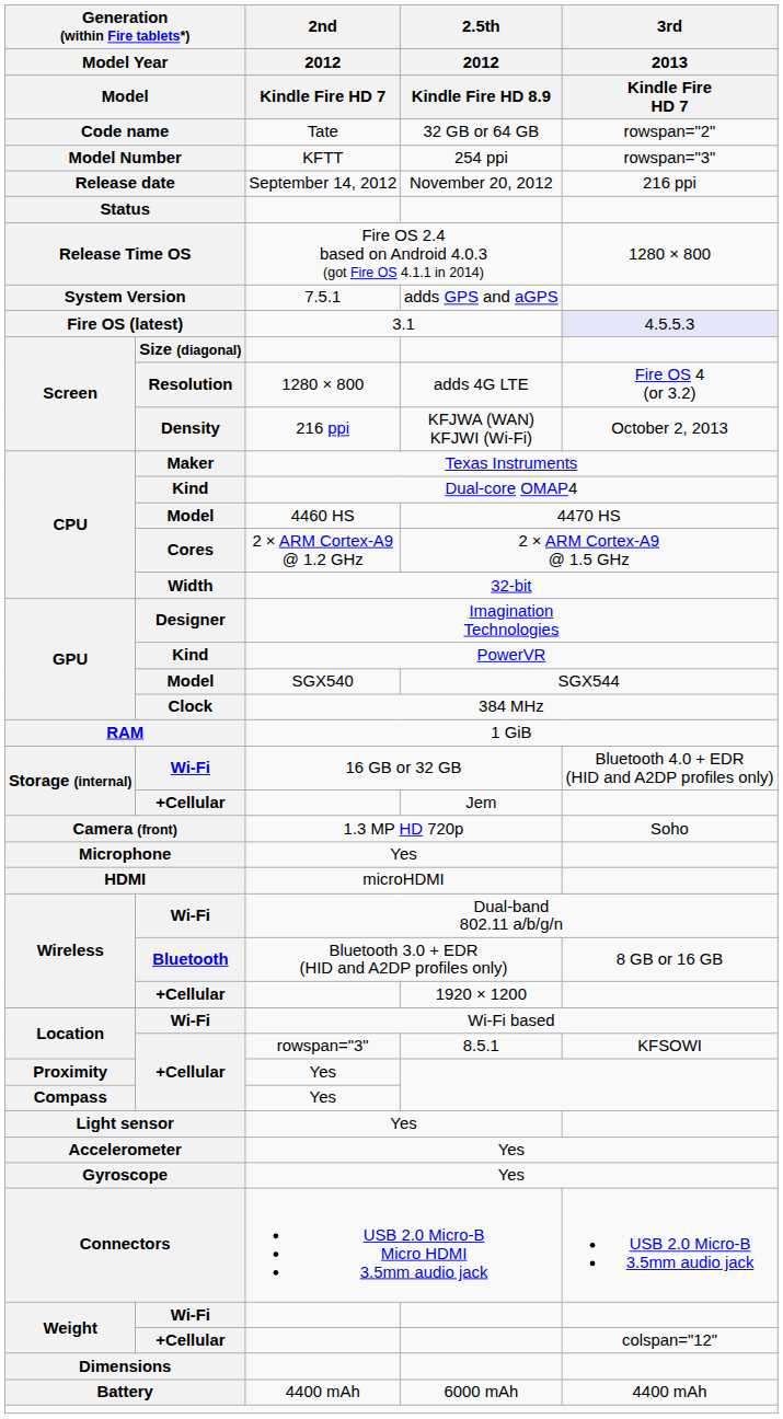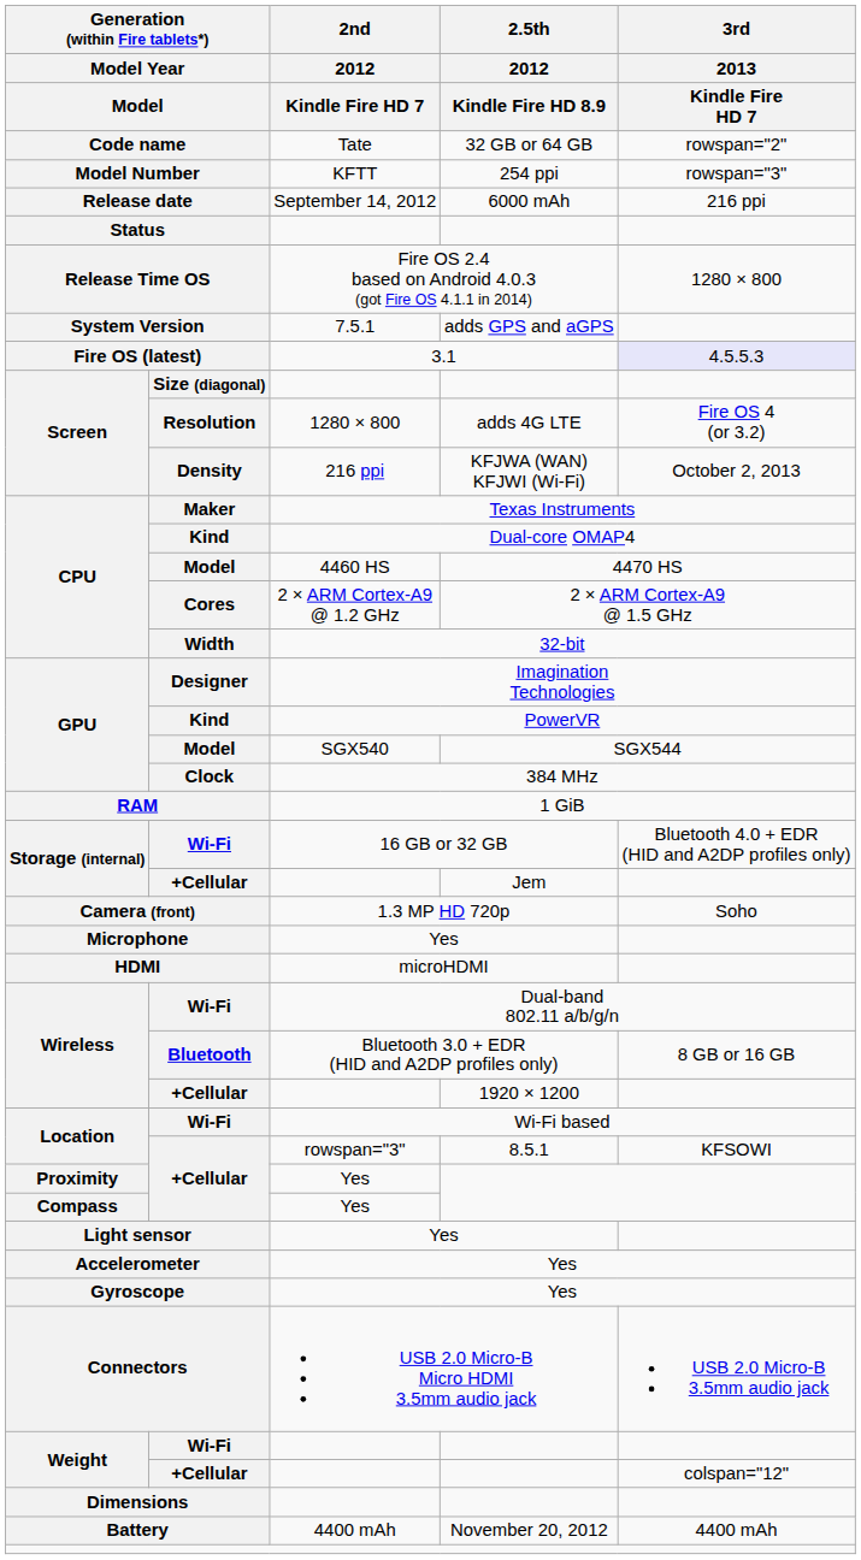 <table class="wikitable mw-collapsible mw-collapsed" style="text-align:center;">
 <tr>
 <th colspan="2">Generation<br><small>(within <a href='#'>Fire tablets</a>*)</small></th>
 <th Colspan="1">2nd</th>
 <th>2.5th</th>
 <th>3rd</th>
 </tr>
 <tr>
 <th colspan="2">Model Year</th>
 <th Colspan="1">2012</th>
 <th>2012</th>
 <th>2013</th>
 </tr>
 <tr>
 <th colspan="2">Model</th>
 <th>Kindle Fire HD 7</th>
 <th>Kindle Fire HD 8.9</th>
 <th>Kindle Fire<br>HD 7</th>
 </tr>
 <tr>
 <th colspan="2">Code name</th>
 <td>Tate</td>
 <td>32 GB or 64 GB</td>
 <td>rowspan="2" </td>
 </tr>
 <tr>
 <th colspan="2">Model Number</th>
 <td>KFTT</td>
 <td>254 ppi</td>
 <td>rowspan="3" </td>
 </tr>
 <tr>
 <th colspan="2">Release date</th>
 <td>September 14, 2012</td>
-<td>November 20, 2012</td>
+<td>6000 mAh</td>
 <td>216 ppi</td>
 </tr>
 <tr>
 <th colspan="2">Status</th>
 <td></td>
 <td></td>
 <td></td>
 </tr>
 <tr>
 <th colspan="2">Release Time OS</th>
 <td colspan="2">Fire OS 2.4<br>based on Android 4.0.3<br><small>(got <a href='#'>Fire OS</a> 4.1.1 in 2014)</small></td>
 <td>1280 × 800</td>
 </tr>
 <tr>
 <th colspan="2">System Version</th>
 <td>7.5.1</td>
 <td>adds <a href='#'>GPS</a> and <a href='#'>aGPS</a></td>
 <td></td>
 </tr>
 <tr>
 <th colspan="2">Fire OS (latest)</th>
 <td colspan="2">3.1</td>
 <td style="background: lavender;">4.5.5.3</td>
 </tr>
 <tr>
 <th rowspan="3">Screen</th>
 <th>Size <small>(diagonal)</small></th>
 <td></td>
 <td></td>
 <td></td>
 </tr>
 <tr>
 <th>Resolution</th>
 <td>1280 × 800</td>
 <td>adds 4G LTE</td>
 <td><a href='#'>Fire OS</a> 4<br>(or 3.2)</td>
 </tr>
 <tr>
 <th>Density</th>
 <td>216 <a href='#'>ppi</a></td>
 <td>KFJWA (WAN)<br>KFJWI (Wi-Fi)</td>
 <td>October 2, 2013</td>
 </tr>
 <tr>
 <th rowspan="5" colspan="1">CPU</th>
 <th>Maker</th>
 <td colspan="3"><a href='#'>Texas Instruments</a></td>
 </tr>
 <tr>
 <th>Kind</th>
 <td colspan=3><a href='#'>Dual-core</a> <a href='#'>OMAP</a>4</td>
 </tr>
 <tr>
 <th>Model</th>
 <td>4460 HS</td>
 <td colspan="2">4470 HS</td>
 </tr>
 <tr>
 <th>Cores</th>
 <td>2 × <a href='#'>ARM Cortex-A9</a><br>@ 1.2 GHz</td>
 <td colspan="2">2 × <a href='#'>ARM Cortex-A9</a><br>@ 1.5 GHz</td>
 </tr>
 <tr>
 <th>Width</th>
 <td colspan="3"><a href='#'>32-bit</a></td>
 </tr>
 <tr>
 <th rowspan="4" colspan="1">GPU</th>
 <th>Designer</th>
 <td colspan="3"><a href='#'>Imagination<br>Technologies</a></td>
 </tr>
 <tr>
 <th>Kind</th>
 <td colspan="3"><a href='#'>PowerVR</a></td>
 </tr>
 <tr>
 <th>Model</th>
 <td>SGX540</td>
 <td colspan="2">SGX544</td>
 </tr>
 <tr>
 <th>Clock</th>
 <td colspan="3">384 MHz</td>
 </tr>
 <tr>
 <th colspan="2"><a href='#'>RAM</a></th>
 <td colspan="3">1 GiB</td>
 </tr>
 <tr>
 <th rowspan="2">Storage  <small>(internal)</small></th>
 <th><a href='#'>Wi-Fi</a></th>
 <td colspan="2">16 GB or 32 GB</td>
 <td>Bluetooth 4.0 + EDR <br>(HID and A2DP profiles only)</td>
 </tr>
 <tr>
 <th>+Cellular</th>
 <td></td>
 <td>Jem</td>
 <td></td>
 </tr>
 <tr>
 <th colspan="2">Camera  <small>(front)</small></th>
 <td colspan="2">1.3 MP <a href='#'>HD</a> 720p</td>
 <td>Soho</td>
 </tr>
 <tr>
 <th colspan="2">Microphone</th>
 <td colspan="2">Yes</td>
 </tr>
 <tr>
 <th colspan="2">HDMI</th>
 <td colspan="2">microHDMI</td>
 <td></td>
 </tr>
 <tr>
 <th colspan="1" rowspan="3">Wireless</th>
 <th>Wi-Fi</th>
 <td colspan="3">Dual-band<br>802.11 a/b/g/n</td>
 </tr>
 <tr>
 <th><a href='#'>Bluetooth</a></th>
 <td colspan="2">Bluetooth 3.0 + EDR <br>(HID and A2DP profiles only)</td>
 <td>8 GB or 16 GB</td>
 </tr>
 <tr>
 <th>+Cellular</th>
 <td></td>
 <td>1920 × 1200</td>
 <td></td>
 </tr>
 <tr>
 <th rowspan="2">Location</th>
 <th>Wi-Fi</th>
 <td colspan="3">Wi-Fi based</td>
 </tr>
 <tr>
 <th rowspan="3">+Cellular</th>
 <td>rowspan="3" </td>
 <td>8.5.1</td>
 <td>KFSOWI</td>
 </tr>
 <tr>
 <th>Proximity</th>
 <td>Yes</td>
 </tr>
 <tr>
 <th>Compass</th>
 <td>Yes</td>
 </tr>
 <tr>
 <th colspan="2">Light sensor</th>
 <td colspan="2">Yes</td>
 <td></td>
 </tr>
 <tr>
 <th colspan="2">Accelerometer</th>
 <td colspan="3">Yes</td>
 </tr>
 <tr>
 <th colspan="2">Gyroscope</th>
 <td colspan="3">Yes</td>
 </tr>
 <tr>
 <th colspan="2">Connectors</th>
 <td colspan="2"><br><ul><li><a href='#'>USB 2.0 Micro-B</a></li><li><a href='#'>Micro HDMI</a></li><li><a href='#'>3.5mm audio jack</a></li></ul></td>
 <td><br><ul><li><a href='#'>USB 2.0 Micro-B</a></li><li><a href='#'>3.5mm audio jack</a></li></ul></td>
 </tr>
 <tr>
 <th rowspan="2">Weight</th>
 <th>Wi-Fi</th>
 <td rowspan="1"></td>
 <td></td>
 <td rowspan="1"></td>
 </tr>
 <tr>
 <th>+Cellular</th>
 <td></td>
 <td></td>
 <td>colspan="12" </td>
 </tr>
 <tr>
 <th colspan="2">Dimensions</th>
 <td></td>
 <td></td>
 <td></td>
 </tr>
 <tr>
 <th colspan="2">Battery</th>
 <td>4400 mAh</td>
-<td>6000 mAh</td>
+<td>November 20, 2012</td>
 <td>4400 mAh</td>
 </tr>
 <tr>
 <td colspan="6"><small></small></td>
 </tr>
 </table>
